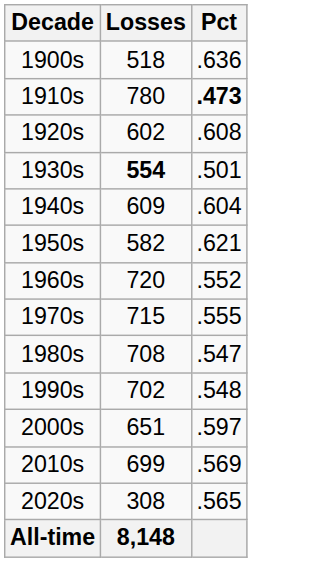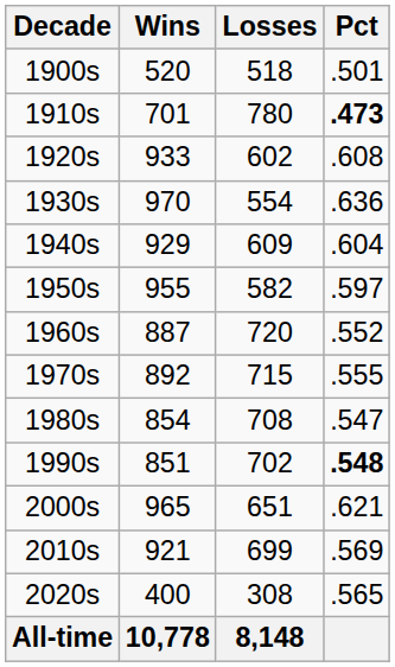 <table class="wikitable" style="text-align:center">
 <tr>
 <th style="text-align:center; ">Decade</th>
+<th style="text-align:center; ">Wins</th>
 <th style="text-align:center; ">Losses</th>
 <th style="text-align:center; ">Pct</th>
 </tr>
 <tr>
 <td>1900s</td>
+<td>520</td>
 <td>518</td>
-<td>.636</td>
+<td>.501</td>
 </tr>
 <tr>
 <td>1910s</td>
+<td>701</td>
 <td>780</td>
 <td><strong>.473</strong></td>
 </tr>
 <tr>
 <td>1920s</td>
+<td>933</td>
 <td>602</td>
 <td>.608</td>
 </tr>
 <tr>
 <td>1930s</td>
-<td><strong>554</strong></td>
-<td>.501</td>
+<td>970</td>
+<td>554</td>
+<td>.636</td>
 </tr>
 <tr>
 <td>1940s</td>
+<td>929</td>
 <td>609</td>
 <td>.604</td>
 </tr>
 <tr>
 <td>1950s</td>
+<td>955</td>
 <td>582</td>
-<td>.621</td>
+<td>.597</td>
 </tr>
 <tr>
 <td>1960s</td>
+<td>887</td>
 <td>720</td>
 <td>.552</td>
 </tr>
 <tr>
 <td>1970s</td>
+<td>892</td>
 <td>715</td>
 <td>.555</td>
 </tr>
 <tr>
 <td>1980s</td>
+<td>854</td>
 <td>708</td>
 <td>.547</td>
 </tr>
 <tr>
 <td>1990s</td>
+<td>851</td>
 <td>702</td>
-<td>.548</td>
+<td><strong>.548</strong></td>
 </tr>
 <tr>
 <td>2000s</td>
+<td>965</td>
 <td>651</td>
-<td>.597</td>
+<td>.621</td>
 </tr>
 <tr>
 <td>2010s</td>
+<td>921</td>
 <td>699</td>
 <td>.569</td>
 </tr>
 <tr>
 <td>2020s</td>
+<td>400</td>
 <td>308</td>
 <td>.565</td>
 </tr>
 <tr style="background:#f0f0f0; font-weight:bold">
 <th style="text-align:center; ">All-time</th>
+<th style="text-align:center; ">10,778</th>
 <th style="text-align:center; ">8,148</th>
 <th style="text-align:center; "></th>
 </tr>
 </table>
